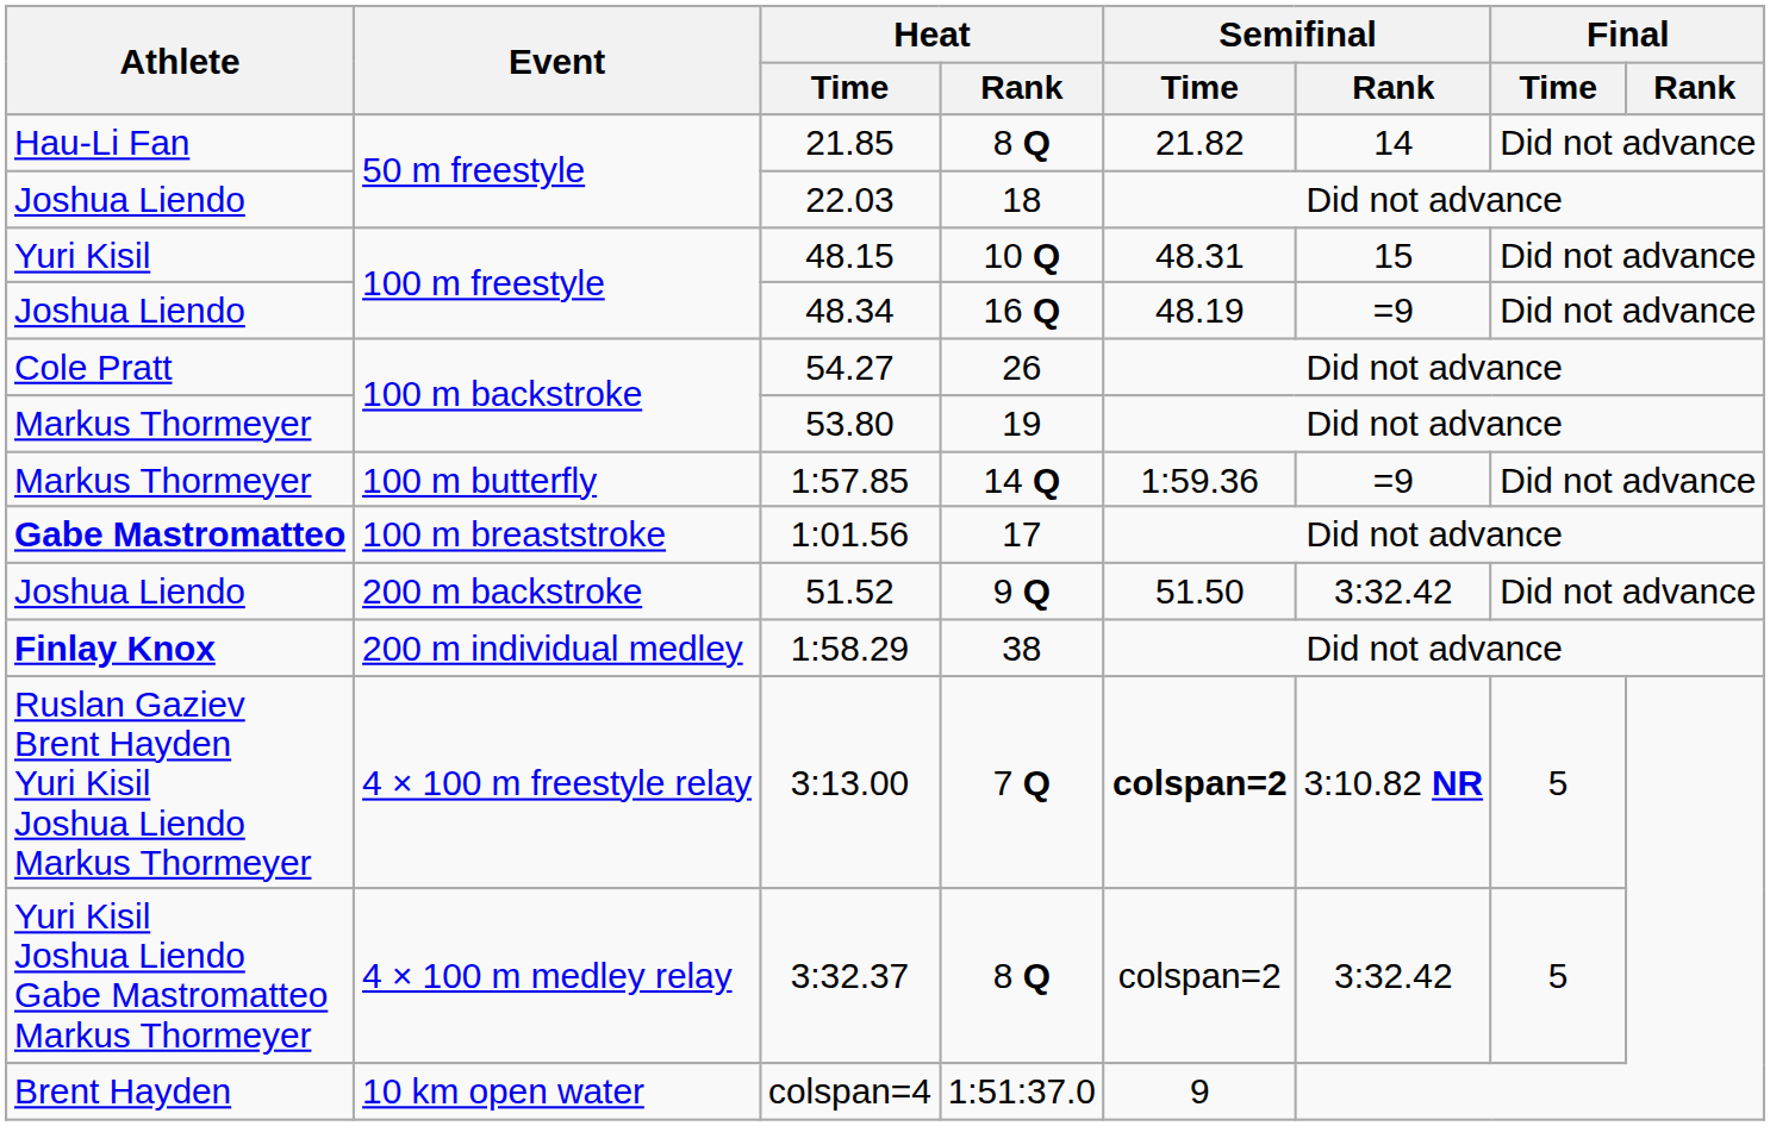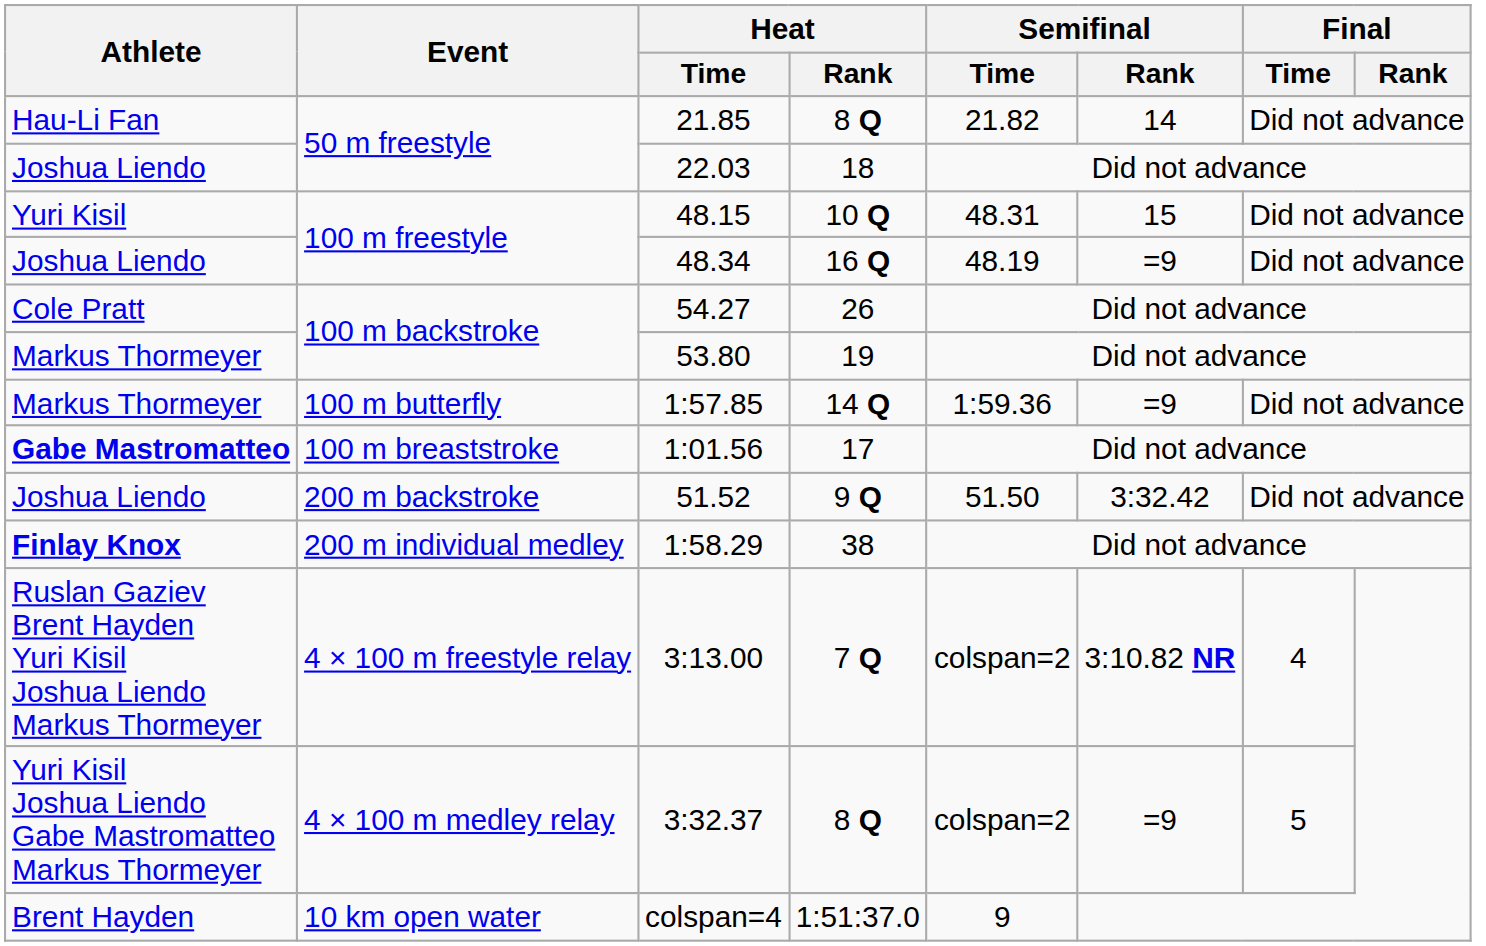 <table class=wikitable style=font-size:90%;text-align:center>
 <tr>
 <th rowspan=2>Athlete</th>
 <th rowspan=2>Event</th>
 <th colspan=2>Heat</th>
 <th colspan=2>Semifinal</th>
 <th colspan=2>Final</th>
 </tr>
 <tr style=font-size:95%>
 <th>Time</th>
 <th>Rank</th>
 <th>Time</th>
 <th>Rank</th>
 <th>Time</th>
 <th>Rank</th>
 </tr>
 <tr>
 <td align=left><a href='#'>Hau-Li Fan</a></td>
 <td align=left rowspan=2><a href='#'>50 m freestyle</a></td>
 <td>21.85</td>
 <td>8 <strong>Q</strong></td>
 <td>21.82</td>
 <td>14</td>
 <td colspan="2">Did not advance</td>
 </tr>
 <tr>
 <td align=left><a href='#'>Joshua Liendo</a></td>
 <td>22.03</td>
 <td>18</td>
 <td colspan="4">Did not advance</td>
 </tr>
 <tr>
 <td align=left><a href='#'>Yuri Kisil</a></td>
 <td align=left rowspan=2><a href='#'>100 m freestyle</a></td>
 <td>48.15</td>
 <td>10 <strong>Q</strong></td>
 <td>48.31</td>
 <td>15</td>
 <td colspan="2">Did not advance</td>
 </tr>
 <tr>
 <td align=left><a href='#'>Joshua Liendo</a></td>
 <td>48.34</td>
 <td>16 <strong>Q</strong></td>
 <td>48.19</td>
 <td>=9</td>
 <td colspan="2">Did not advance</td>
 </tr>
 <tr>
 <td align=left><a href='#'>Cole Pratt</a></td>
 <td rowspan="2" align="left"><a href='#'>100 m backstroke</a></td>
 <td>54.27</td>
 <td>26</td>
 <td colspan="4">Did not advance</td>
 </tr>
 <tr>
 <td align="left"><a href='#'>Markus Thormeyer</a></td>
 <td>53.80</td>
 <td>19</td>
 <td colspan="4">Did not advance</td>
 </tr>
 <tr>
 <td align="left"><a href='#'>Markus Thormeyer</a></td>
 <td align=left><a href='#'>100 m butterfly</a></td>
 <td>1:57.85</td>
 <td>14 <strong>Q</strong></td>
 <td>1:59.36</td>
 <td>=9</td>
 <td colspan="2">Did not advance</td>
 </tr>
 <tr>
 <td align=left><strong><a href='#'>Gabe Mastromatteo</a></strong></td>
 <td align=left><a href='#'>100 m breaststroke</a></td>
 <td>1:01.56</td>
 <td>17</td>
 <td colspan="4">Did not advance</td>
 </tr>
 <tr>
 <td align=left><a href='#'>Joshua Liendo</a></td>
 <td align=left><a href='#'>200 m backstroke</a></td>
 <td>51.52</td>
 <td>9 <strong>Q</strong></td>
 <td>51.50</td>
 <td>3:32.42</td>
 <td colspan="2">Did not advance</td>
 </tr>
 <tr>
 <td align=left><strong><a href='#'>Finlay Knox</a></strong></td>
 <td align=left><a href='#'>200 m individual medley</a></td>
 <td>1:58.29</td>
 <td>38</td>
 <td colspan="4">Did not advance</td>
 </tr>
 <tr>
 <td align=left><a href='#'>Ruslan Gaziev</a><br><a href='#'>Brent Hayden</a><br><a href='#'>Yuri Kisil</a><br><a href='#'>Joshua Liendo</a><br><a href='#'>Markus Thormeyer</a></td>
 <td align=left><a href='#'>4 × 100 m freestyle relay</a></td>
 <td>3:13.00</td>
 <td>7 <strong>Q</strong></td>
-<td><strong>colspan=2 </strong></td>
+<td>colspan=2 </td>
 <td>3:10.82 <strong><a href='#'>NR</a></strong></td>
-<td>5</td>
+<td>4</td>
 </tr>
 <tr>
 <td align=left><a href='#'>Yuri Kisil</a><br><a href='#'>Joshua Liendo</a><br><a href='#'>Gabe Mastromatteo</a><br><a href='#'>Markus Thormeyer</a></td>
 <td align=left><a href='#'>4 × 100 m medley relay</a></td>
 <td>3:32.37</td>
 <td>8 <strong>Q</strong></td>
 <td>colspan=2 </td>
-<td>3:32.42</td>
+<td>=9</td>
 <td>5</td>
 </tr>
 <tr>
 <td align=left><a href='#'>Brent Hayden</a></td>
 <td align=left><a href='#'>10 km open water</a></td>
 <td>colspan=4 </td>
 <td>1:51:37.0</td>
 <td>9</td>
 </tr>
 </table>
